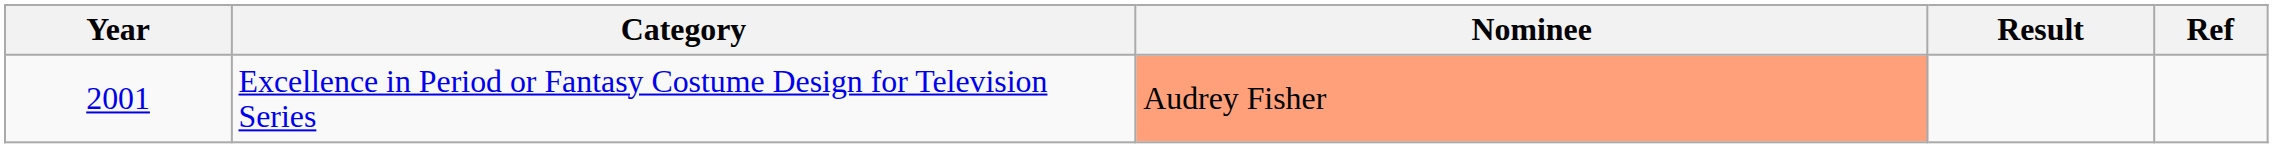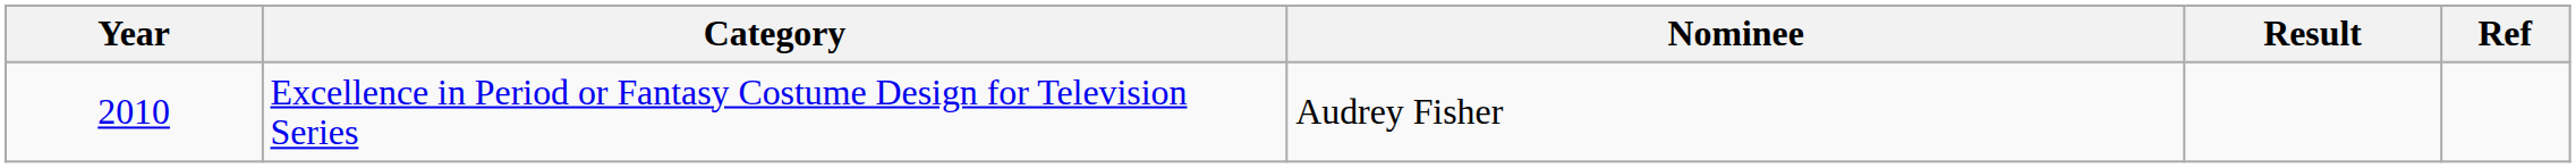 <table class="wikitable" width="90%">
 <tr>
 <th width="10%">Year</th>
 <th width="40%">Category</th>
 <th width="35%">Nominee</th>
 <th width="10%">Result</th>
 <th width="5%">Ref</th>
 </tr>
 <tr>
-<td align="center"><a href='#'>2001</a></td>
+<td align="center"><a href='#'>2010</a></td>
 <td><a href='#'>Excellence in Period or Fantasy Costume Design for Television Series</a></td>
-<td style="background: lightsalmon;">Audrey Fisher</td>
+<td>Audrey Fisher</td>
 <td></td>
 <td align="center"></td>
 </tr>
 </table>
